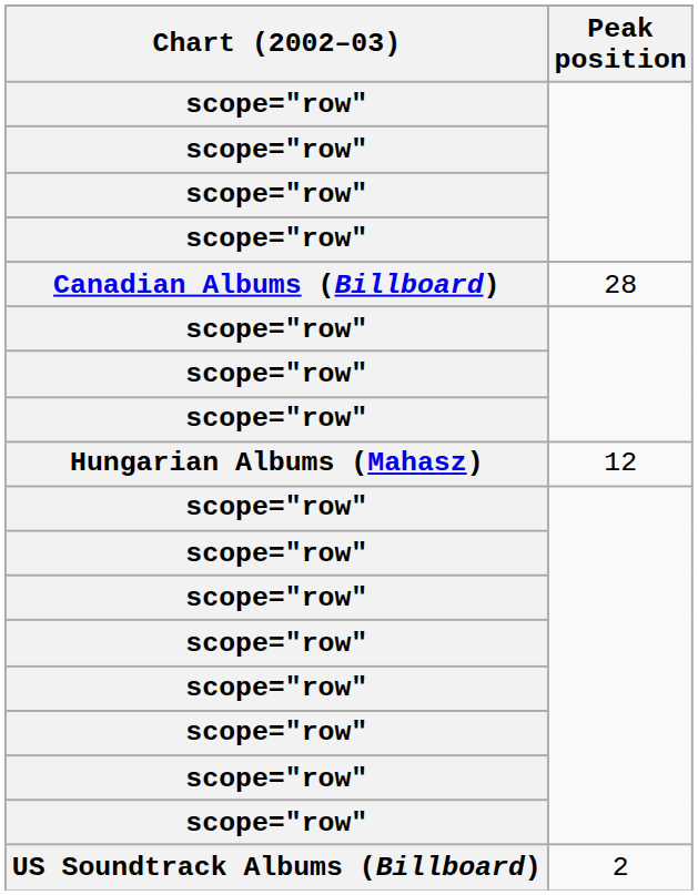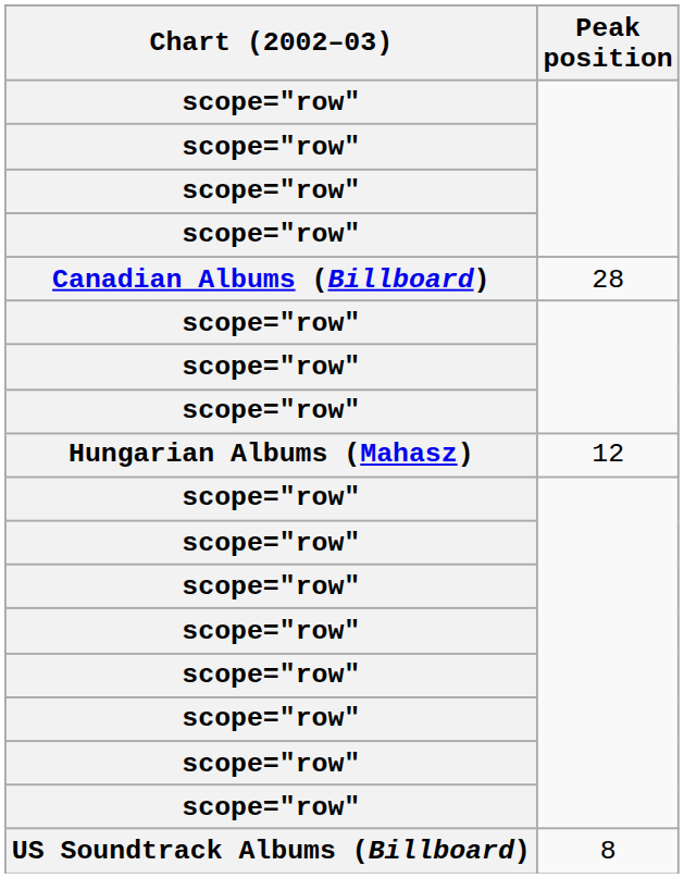 <table class="wikitable plainrowheaders sortable" style="text-align:center;">
 <tr>
 </tr>
 <tr>
 <th scope="col">Chart (2002–03)</th>
 <th scope="col">Peak<br>position</th>
 </tr>
 <tr>
 <th>scope="row" </th>
 </tr>
 <tr>
 <th>scope="row" </th>
 </tr>
 <tr>
 <th>scope="row" </th>
 </tr>
 <tr>
 <th>scope="row" </th>
 </tr>
 <tr>
 <th scope="row"><a href='#'>Canadian Albums</a> (<a href='#'><em>Billboard</em></a>)</th>
 <td>28</td>
 </tr>
 <tr>
 <th>scope="row" </th>
 </tr>
 <tr>
 <th>scope="row" </th>
 </tr>
 <tr>
 <th>scope="row" </th>
 </tr>
 <tr>
 <th scope="row">Hungarian Albums (<a href='#'>Mahasz</a>)</th>
 <td style="text-align:center;">12</td>
 </tr>
 <tr>
 <th>scope="row" </th>
 </tr>
 <tr>
 <th>scope="row" </th>
 </tr>
 <tr>
 <th>scope="row" </th>
 </tr>
 <tr>
 <th>scope="row" </th>
 </tr>
 <tr>
 <th>scope="row" </th>
 </tr>
 <tr>
 <th>scope="row" </th>
 </tr>
 <tr>
 <th>scope="row" </th>
 </tr>
 <tr>
 <th>scope="row" </th>
 </tr>
 <tr>
 <th scope="row">US Soundtrack Albums (<em>Billboard</em>)</th>
-<td style="text-align:center;">2</td>
+<td style="text-align:center;">8</td>
 </tr>
 </table>
